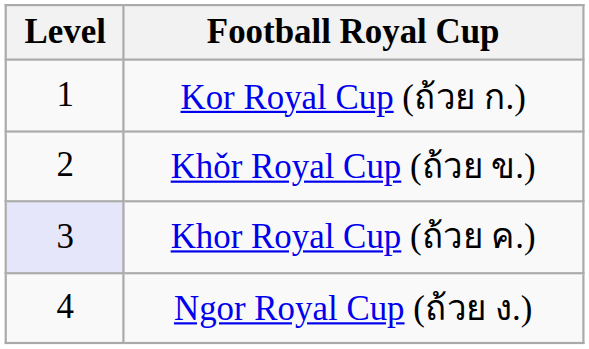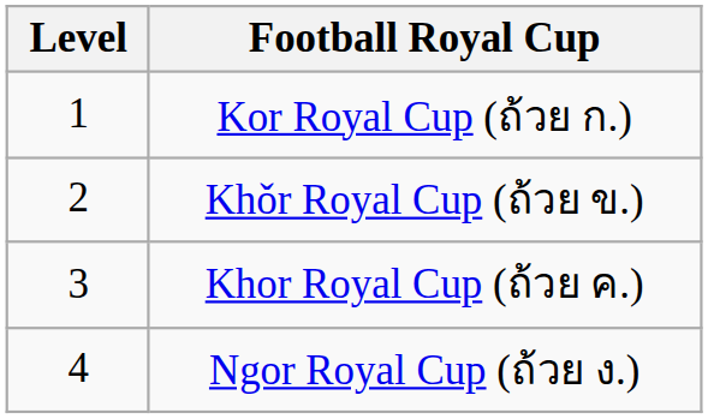 <table class="wikitable" style="text-align: center;margin: 1em auto;" width=30%>
 <tr>
 <th>Level</th>
 <th colspan=6>Football Royal Cup</th>
 </tr>
 <tr>
 <td align="center">1</td>
 <td align="center"><a href='#'>Kor Royal Cup</a> (ถ้วย ก.)</td>
 </tr>
 <tr>
 <td align="center">2</td>
 <td align="center"><a href='#'>Khǒr Royal Cup</a> (ถ้วย ข.)</td>
 </tr>
 <tr>
-<td align="center" style="background: lavender;">3</td>
+<td align="center">3</td>
 <td align="center"><a href='#'>Khor Royal Cup</a> (ถ้วย ค.)</td>
 </tr>
 <tr>
 <td align="center">4</td>
 <td align="center"><a href='#'>Ngor Royal Cup</a> (ถ้วย ง.)</td>
 </tr>
 </table>
